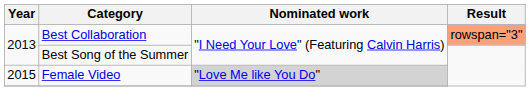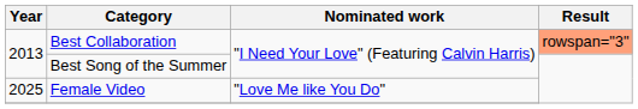 <table class="wikitable">
 <tr>
 <th>Year</th>
 <th>Category</th>
 <th>Nominated work</th>
 <th>Result</th>
 </tr>
 <tr>
 <td rowspan="2">2013</td>
 <td><a href='#'>Best Collaboration</a></td>
 <td rowspan="2">"<a href='#'>I Need Your Love</a>" (Featuring <a href='#'>Calvin Harris</a>)</td>
 <td style="background: lightsalmon;">rowspan="3" </td>
 </tr>
 <tr>
 <td>Best Song of the Summer</td>
 </tr>
 <tr>
-<td>2015</td>
+<td>2025</td>
 <td><a href='#'>Female Video</a></td>
-<td style="background: lightgrey;">"<a href='#'>Love Me like You Do</a>"</td>
+<td>"<a href='#'>Love Me like You Do</a>"</td>
 </tr>
 <tr>
 </tr>
 </table>
